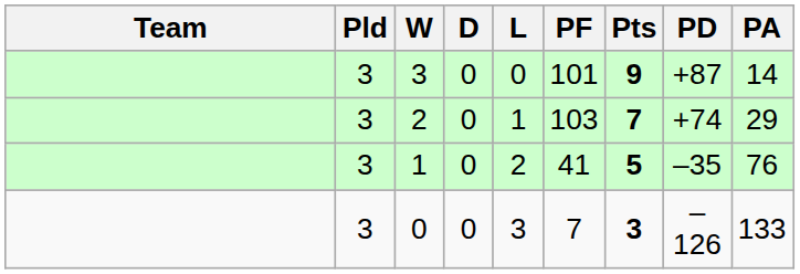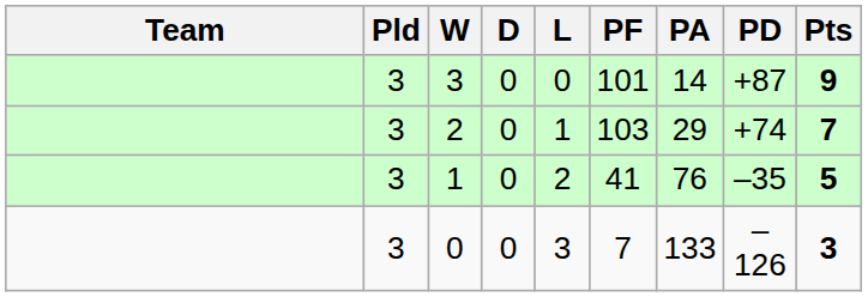 <table class="wikitable" style="text-align:center;">
 <tr>
 <th width=175>Team</th>
 <th width=20 abbr="Played">Pld</th>
 <th width=20 abbr="Won">W</th>
 <th width=20 abbr="Drawn">D</th>
 <th width=20 abbr="Lost">L</th>
 <th width=20 abbr="Points for">PF</th>
+<th width=20 abbr="Points against">PA</th>
+<th width=30 abbr="Points difference">PD</th>
 <th width=20 abbr="Points">Pts</th>
-<th width=30 abbr="Points difference">PD</th>
-<th width=20 abbr="Points against">PA</th>
 </tr>
 <tr bgcolor=ccffcc>
 <td style="text-align:left;"></td>
 <td>3</td>
 <td>3</td>
 <td>0</td>
 <td>0</td>
 <td>101</td>
+<td>14</td>
+<td>+87</td>
 <td><strong>9</strong></td>
-<td>+87</td>
-<td>14</td>
 </tr>
 <tr bgcolor=ccffcc>
 <td style="text-align:left;"></td>
 <td>3</td>
 <td>2</td>
 <td>0</td>
 <td>1</td>
 <td>103</td>
+<td>29</td>
+<td>+74</td>
 <td><strong>7</strong></td>
-<td>+74</td>
-<td>29</td>
 </tr>
 <tr bgcolor=ccffcc>
 <td style="text-align:left;"></td>
 <td>3</td>
 <td>1</td>
 <td>0</td>
 <td>2</td>
 <td>41</td>
+<td>76</td>
+<td>–35</td>
 <td><strong>5</strong></td>
-<td>–35</td>
-<td>76</td>
 </tr>
 <tr>
 <td style="text-align:left;"></td>
 <td>3</td>
 <td>0</td>
 <td>0</td>
 <td>3</td>
 <td>7</td>
+<td>133</td>
+<td>–126</td>
 <td><strong>3</strong></td>
-<td>–126</td>
-<td>133</td>
 </tr>
 </table>
